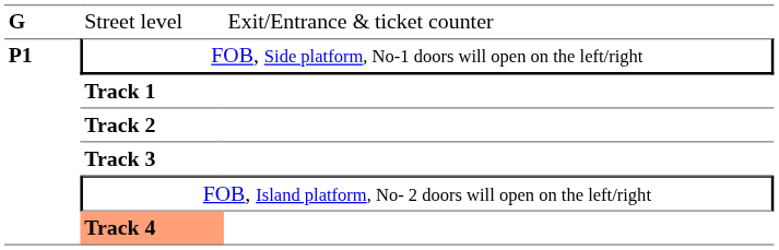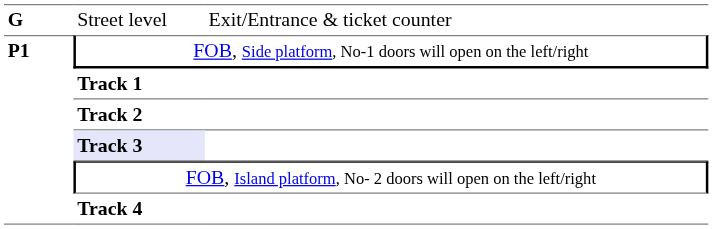 <table table border=0 cellspacing=0 cellpadding=3>
 <tr>
 <td style="border-top:solid 1px gray;" width=50 valign=top><strong>G</strong></td>
 <td style="border-top:solid 1px gray;" width=100 valign=top>Street level</td>
 <td style="border-top:solid 1px gray;" width=400 valign=top>Exit/Entrance & ticket counter</td>
 </tr>
 <tr>
 <td style="border-top:solid 1px gray;border-bottom:solid 1px gray;" width=50 rowspan=6 valign=top><strong>P1</strong></td>
 <td style="border-top:solid 1px gray;border-right:solid 2px black;border-left:solid 2px black;border-bottom:solid 2px black;text-align:center;" colspan=2><a href='#'>FOB</a>, <small><a href='#'>Side platform</a>, No-1 doors will open on the left/right</small></td>
 </tr>
 <tr>
 <td style="border-bottom:solid 1px gray;" width=100><strong>Track 1</strong></td>
 <td style="border-bottom:solid 1px gray;" width=400></td>
 </tr>
 <tr>
 <td style="border-bottom:solid 1px gray;" width=100><strong>Track 2</strong></td>
 <td style="border-bottom:solid 1px gray;" width=400></td>
 </tr>
 <tr>
-<td style="border-bottom:solid 1px gray;" width=100><strong>Track 3</strong></td>
+<td style="background: lavender; border-bottom:solid 1px gray;" width=100><strong>Track 3</strong></td>
 <td style="border-bottom:solid 1px gray;" width=400></td>
 </tr>
 <tr>
 <td style="border-top:solid 1px black;border-right:solid 2px black;border-left:solid 2px black;border-bottom:solid 1px gray;text-align:center;" colspan=2><a href='#'>FOB</a>, <small><a href='#'>Island platform</a>, No- 2 doors will open on the left/right </small></td>
 </tr>
 <tr>
-<td style="background: lightsalmon; border-bottom:solid 1px gray;" width=100><strong>Track 4</strong></td>
+<td style="border-bottom:solid 1px gray;" width=100><strong>Track 4</strong></td>
 <td style="border-bottom:solid 1px gray;" width=400></td>
 </tr>
 <tr>
 </tr>
 </table>
